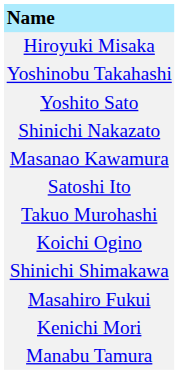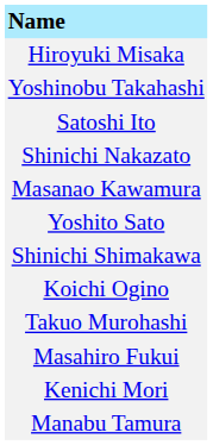 <table border=0 cellpadding=2 cellspacing=0  |- bgcolor=#F2F2F2 style="text-align:center; font-size:90%;">
 <tr bgcolor=#ADEBFD>
 <th align=left>Name</th>
 </tr>
 <tr>
 <td><a href='#'>Hiroyuki Misaka</a></td>
 </tr>
 <tr>
 <td><a href='#'>Yoshinobu Takahashi</a></td>
 </tr>
 <tr>
-<td><a href='#'>Yoshito Sato</a></td>
+<td><a href='#'>Satoshi Ito</a></td>
 </tr>
 <tr>
 <td><a href='#'>Shinichi Nakazato</a></td>
 </tr>
 <tr>
 <td><a href='#'>Masanao Kawamura</a></td>
 </tr>
 <tr>
-<td><a href='#'>Satoshi Ito</a></td>
+<td><a href='#'>Yoshito Sato</a></td>
 </tr>
 <tr>
-<td><a href='#'>Takuo Murohashi</a></td>
+<td><a href='#'>Shinichi Shimakawa</a></td>
 </tr>
 <tr>
 <td><a href='#'>Koichi Ogino</a></td>
 </tr>
 <tr>
-<td><a href='#'>Shinichi Shimakawa</a></td>
+<td><a href='#'>Takuo Murohashi</a></td>
 </tr>
 <tr>
 <td><a href='#'>Masahiro Fukui</a></td>
 </tr>
 <tr>
 <td><a href='#'>Kenichi Mori</a></td>
 </tr>
 <tr>
 <td><a href='#'>Manabu Tamura</a></td>
 </tr>
 </table>
